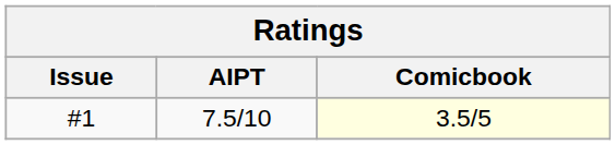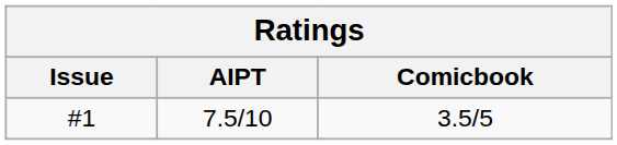 <table class="wikitable infobox" style="float: right; width: 24.2em; font-size: 80%; text-align: center; margin:0.5em 0 0.5em 1em; padding:0;" cellpadding="0" cellspacing="0">
 <tr>
 <th colspan="3" style="font-size:120%;">Ratings</th>
 </tr>
 <tr>
 <th>Issue</th>
 <th>AIPT</th>
 <th>Comicbook</th>
 </tr>
 <tr>
 <td>#1</td>
 <td>7.5/10</td>
-<td style="background: lightyellow;">3.5/5</td>
+<td>3.5/5</td>
 </tr>
 </table>
